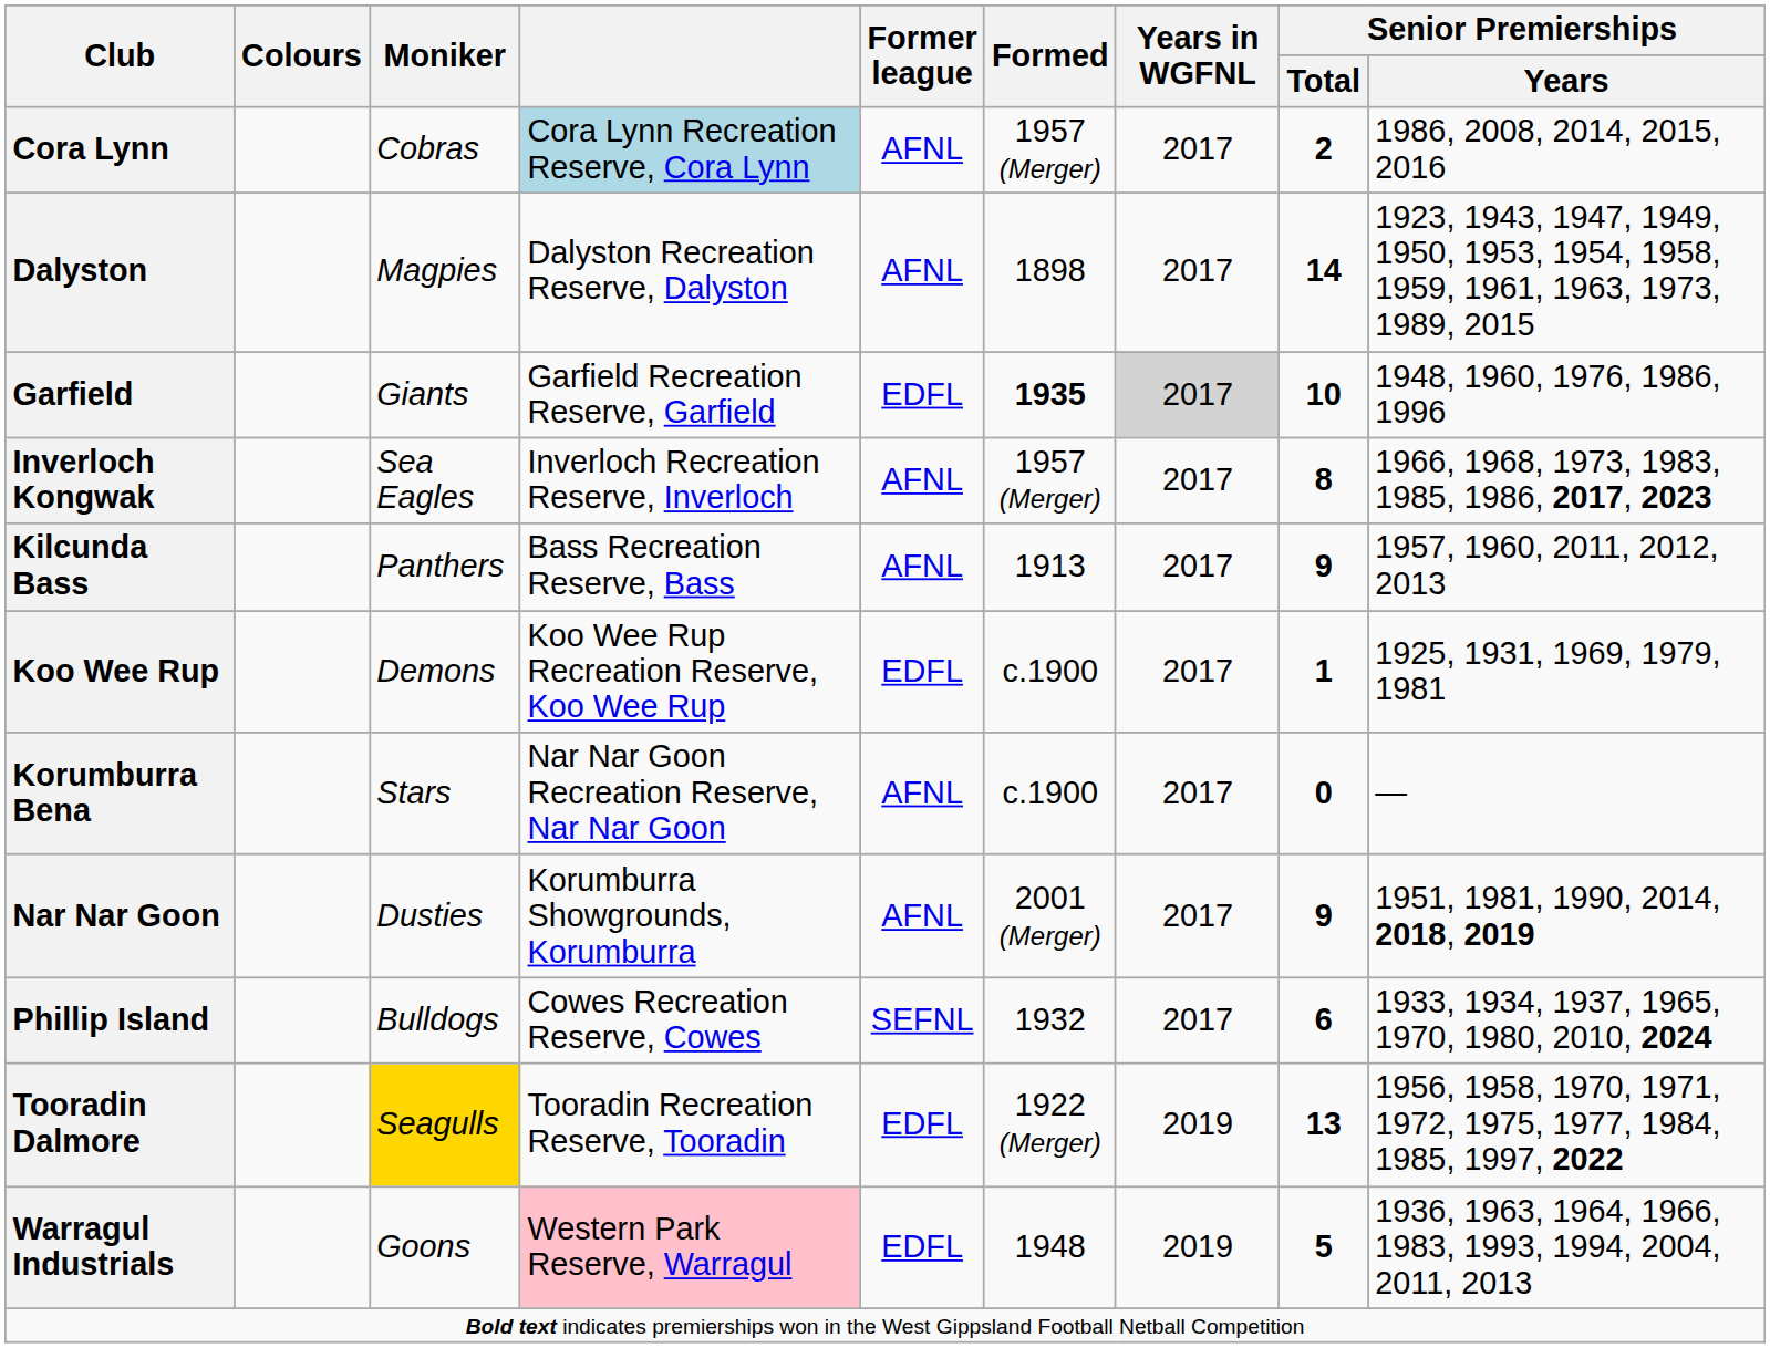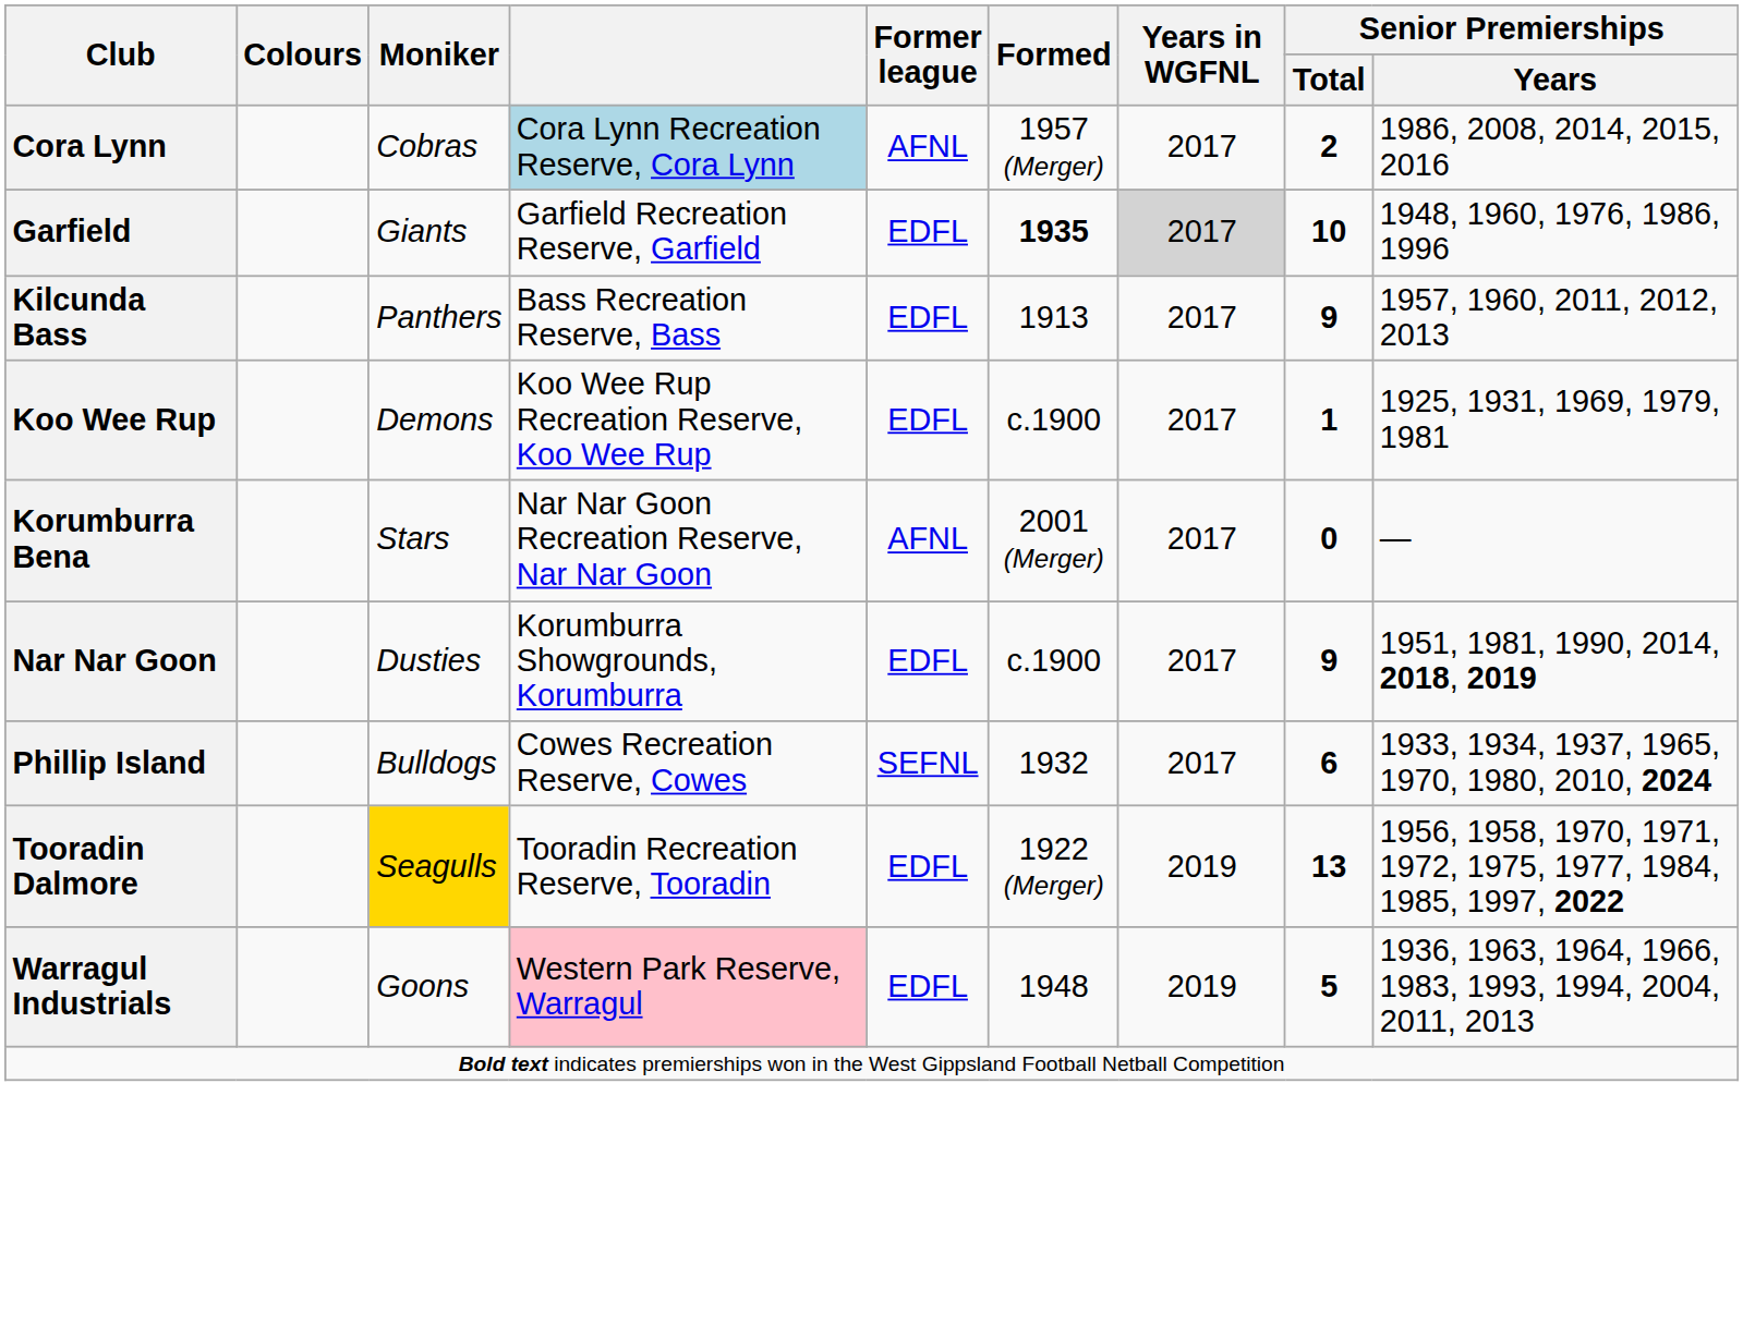 <table class="wikitable sortable" style="width:100%; text-align:center;">
 <tr>
 <th rowspan="2">Club</th>
 <th rowspan="2">Colours</th>
 <th rowspan="2">Moniker</th>
 <th rowspan="2"></th>
 <th rowspan="2">Former<br>league</th>
 <th rowspan="2">Formed</th>
 <th rowspan="2">Years in WGFNL</th>
 <th colspan="2">Senior Premierships</th>
 </tr>
 <tr>
 <th>Total</th>
 <th class="unsortable">Years</th>
 </tr>
 <tr>
 <th style="text-align:left">Cora Lynn</th>
 <td></td>
 <td align="left"><em>Cobras</em></td>
 <td align="left" style="background: lightblue;"><span>Cora Lynn Recreation Reserve, <a href='#'>Cora Lynn</a></span></td>
 <td><a href='#'>AFNL</a></td>
 <td>1957<br><small><em>(Merger)</em></small></td>
 <td>2017</td>
 <td><strong>2</strong></td>
 <td align="left">1986, 2008, 2014, 2015, 2016</td>
 </tr>
 <tr>
-<th style="text-align:left">Dalyston</th>
-<td></td>
-<td align="left"><em>Magpies</em></td>
-<td align="left"><span>Dalyston Recreation Reserve, <a href='#'>Dalyston</a></span></td>
-<td><a href='#'>AFNL</a></td>
-<td>1898</td>
-<td>2017</td>
-<td><strong>14</strong></td>
-<td align="left">1923, 1943, 1947, 1949, 1950, 1953, 1954, 1958, 1959, 1961, 1963, 1973, 1989, 2015</td>
-</tr>
-<tr>
 <th style="text-align:left">Garfield</th>
 <td></td>
 <td align="left"><em>Giants</em></td>
 <td align="left"><span>Garfield Recreation Reserve, <a href='#'>Garfield</a></span></td>
 <td><a href='#'>EDFL</a></td>
 <td><strong>1935</strong></td>
 <td style="background: lightgrey;">2017</td>
 <td><strong>10</strong></td>
 <td align="left">1948, 1960, 1976, 1986, 1996</td>
 </tr>
 <tr>
-<th style="text-align:left">Inverloch Kongwak</th>
-<td></td>
-<td align="left"><em>Sea Eagles</em></td>
-<td align="left"><span>Inverloch Recreation Reserve, <a href='#'>Inverloch</a></span></td>
-<td><a href='#'>AFNL</a></td>
-<td>1957<br><small><em>(Merger)</em></small></td>
-<td>2017</td>
-<td><strong>8</strong></td>
-<td align="left">1966, 1968, 1973, 1983, 1985, 1986, <strong>2017</strong>, <strong>2023</strong></td>
-</tr>
-<tr>
 <th style="text-align:left">Kilcunda Bass</th>
 <td></td>
 <td align="left"><em>Panthers</em></td>
 <td align="left"><span>Bass Recreation Reserve, <a href='#'>Bass</a></span></td>
-<td><a href='#'>AFNL</a></td>
+<td><a href='#'>EDFL</a></td>
 <td>1913</td>
 <td>2017</td>
 <td><strong>9</strong></td>
 <td align="left">1957, 1960, 2011, 2012, 2013</td>
 </tr>
 <tr>
 <th style="text-align:left">Koo Wee Rup</th>
 <td></td>
 <td align="left"><em>Demons</em></td>
 <td align="left"><span>Koo Wee Rup Recreation Reserve, <a href='#'>Koo Wee Rup</a> </span></td>
 <td><a href='#'>EDFL</a></td>
 <td>c.1900</td>
 <td>2017</td>
 <td><strong>1</strong></td>
 <td align="left">1925, 1931, 1969, 1979, 1981</td>
 </tr>
 <tr>
 <th style="text-align:left">Korumburra Bena</th>
 <td></td>
 <td align="left"><em>Stars</em></td>
 <td align="left"><span>Nar Nar Goon Recreation Reserve, <a href='#'>Nar Nar Goon</a></span></td>
 <td><a href='#'>AFNL</a></td>
-<td>c.1900</td>
+<td>2001<br><small><em>(Merger)</em></small></td>
 <td>2017</td>
 <td><strong>0</strong></td>
 <td align="left">—</td>
 </tr>
 <tr>
 <th style="text-align:left">Nar Nar Goon</th>
 <td></td>
 <td align="left"><em>Dusties</em></td>
 <td align="left"><span>Korumburra Showgrounds, <a href='#'>Korumburra</a></span></td>
-<td><a href='#'>AFNL</a></td>
-<td>2001<br><small><em>(Merger)</em></small></td>
+<td><a href='#'>EDFL</a></td>
+<td>c.1900</td>
 <td>2017</td>
 <td><strong>9</strong></td>
 <td align="left">1951, 1981, 1990, 2014, <strong>2018</strong>, <strong>2019</strong></td>
 </tr>
 <tr>
 <th style="text-align:left">Phillip Island</th>
 <td></td>
 <td align="left"><em>Bulldogs</em></td>
 <td align="left"><span>Cowes Recreation Reserve, <a href='#'>Cowes</a></span></td>
 <td><a href='#'>SEFNL</a></td>
 <td>1932</td>
 <td>2017</td>
 <td><strong>6</strong></td>
 <td align="left">1933, 1934, 1937, 1965, 1970, 1980, 2010, <strong>2024</strong></td>
 </tr>
 <tr>
 <th style="text-align:left">Tooradin Dalmore</th>
 <td></td>
 <td align="left" style="background: gold;"><em>Seagulls</em></td>
 <td align="left"><span>Tooradin Recreation Reserve, <a href='#'>Tooradin</a></span></td>
 <td><a href='#'>EDFL</a></td>
 <td>1922<br><small><em>(Merger)</em></small></td>
 <td>2019</td>
 <td><strong>13</strong></td>
 <td align="left">1956, 1958, 1970, 1971, 1972, 1975, 1977, 1984, 1985, 1997, <strong>2022</strong></td>
 </tr>
 <tr>
 <th style="text-align:left">Warragul Industrials</th>
 <td></td>
 <td align="left"><em>Goons</em></td>
 <td align="left" style="background: pink;"><span>Western Park Reserve, <a href='#'>Warragul</a></span></td>
 <td><a href='#'>EDFL</a></td>
 <td>1948</td>
 <td>2019</td>
 <td><strong>5</strong></td>
 <td align="left">1936, 1963, 1964, 1966, 1983, 1993, 1994, 2004, 2011, 2013</td>
 </tr>
 <tr class="sortbottom">
 <td colspan="9" style="font-size:8pt; text-align:center"><strong><em>Bold text</em></strong> indicates premierships won in the West Gippsland Football Netball Competition</td>
 </tr>
 </table>
